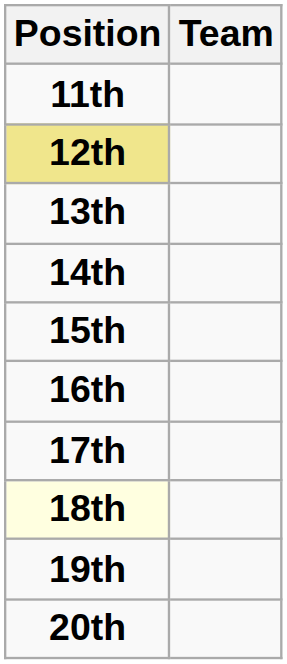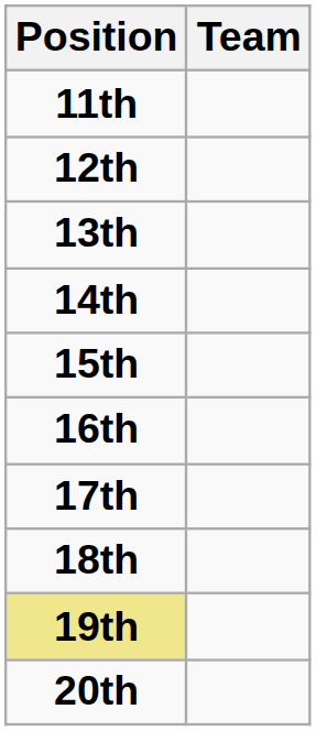 <table class="wikitable" style="text-align: center;">
 <tr>
 <th>Position</th>
 <th>Team</th>
 </tr>
 <tr>
 <td><strong>11th</strong></td>
 <td align=left></td>
 </tr>
 <tr>
-<td style="background: khaki;"><strong>12th</strong></td>
+<td><strong>12th</strong></td>
 <td align=left></td>
 </tr>
 <tr>
 <td><strong>13th</strong></td>
 <td align=left></td>
 </tr>
 <tr>
 <td><strong>14th</strong></td>
 <td align=left></td>
 </tr>
 <tr>
 <td><strong>15th</strong></td>
 <td align=left></td>
 </tr>
 <tr>
 <td><strong>16th</strong></td>
 <td align=left></td>
 </tr>
 <tr>
 <td><strong>17th</strong></td>
 <td align=left></td>
 </tr>
 <tr>
-<td style="background: lightyellow;"><strong>18th</strong></td>
+<td><strong>18th</strong></td>
 <td align=left></td>
 </tr>
 <tr>
-<td><strong>19th</strong></td>
+<td style="background: khaki;"><strong>19th</strong></td>
 <td align=left></td>
 </tr>
 <tr>
 <td><strong>20th</strong></td>
 <td align=left></td>
 </tr>
 </table>
